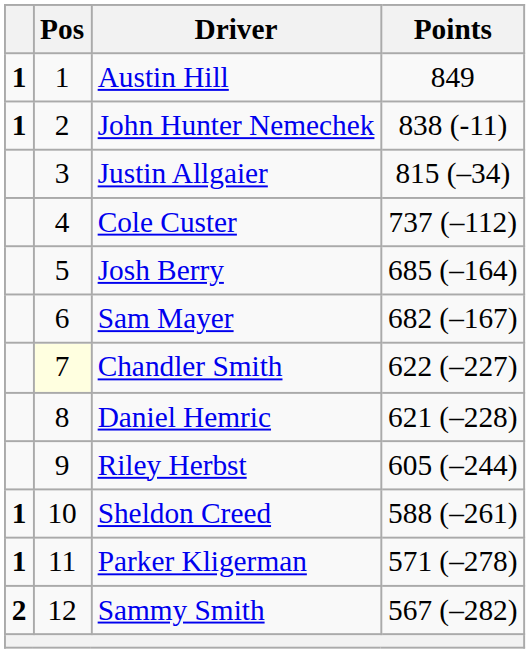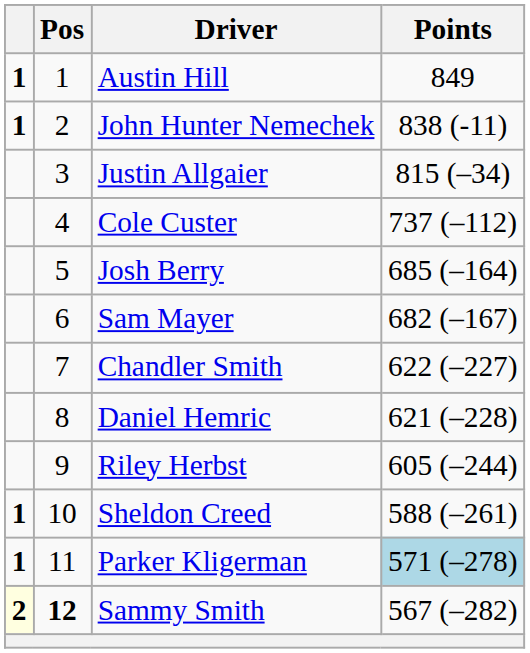 <table class="wikitable" style="font-size: 95%;">
 <tr>
 <th></th>
 <th>Pos</th>
 <th>Driver</th>
 <th>Points</th>
 </tr>
 <tr>
 <td align="left"> <strong>1</strong></td>
 <td style="text-align:center;">1</td>
 <td><a href='#'>Austin Hill</a></td>
 <td style="text-align:center;">849</td>
 </tr>
 <tr>
 <td align="left"> <strong>1</strong></td>
 <td style="text-align:center;">2</td>
 <td><a href='#'>John Hunter Nemechek</a></td>
 <td style="text-align:center;">838 (-11)</td>
 </tr>
 <tr>
 <td align="left"></td>
 <td style="text-align:center;">3</td>
 <td><a href='#'>Justin Allgaier</a></td>
 <td style="text-align:center;">815 (–34)</td>
 </tr>
 <tr>
 <td align="left"></td>
 <td style="text-align:center;">4</td>
 <td><a href='#'>Cole Custer</a></td>
 <td style="text-align:center;">737 (–112)</td>
 </tr>
 <tr>
 <td align="left"></td>
 <td style="text-align:center;">5</td>
 <td><a href='#'>Josh Berry</a></td>
 <td style="text-align:center;">685 (–164)</td>
 </tr>
 <tr>
 <td align="left"></td>
 <td style="text-align:center;">6</td>
 <td><a href='#'>Sam Mayer</a></td>
 <td style="text-align:center;">682 (–167)</td>
 </tr>
 <tr>
 <td align="left"></td>
-<td style="background: lightyellow; text-align:center;">7</td>
+<td style="text-align:center;">7</td>
 <td><a href='#'>Chandler Smith</a></td>
 <td style="text-align:center;">622 (–227)</td>
 </tr>
 <tr>
 <td align="left"></td>
 <td style="text-align:center;">8</td>
 <td><a href='#'>Daniel Hemric</a></td>
 <td style="text-align:center;">621 (–228)</td>
 </tr>
 <tr>
 <td align="left"></td>
 <td style="text-align:center;">9</td>
 <td><a href='#'>Riley Herbst</a></td>
 <td style="text-align:center;">605 (–244)</td>
 </tr>
 <tr>
 <td align="left"> <strong>1</strong></td>
 <td style="text-align:center;">10</td>
 <td><a href='#'>Sheldon Creed</a></td>
 <td style="text-align:center;">588 (–261)</td>
 </tr>
 <tr>
 <td align="left"> <strong>1</strong></td>
 <td style="text-align:center;">11</td>
 <td><a href='#'>Parker Kligerman</a></td>
-<td style="text-align:center;">571 (–278)</td>
+<td style="background: lightblue; text-align:center;">571 (–278)</td>
 </tr>
 <tr>
-<td align="left"> <strong>2</strong></td>
-<td style="text-align:center;">12</td>
+<td align="left" style="background: lightyellow;"> <strong>2</strong></td>
+<td style="text-align:center;"><strong>12</strong></td>
 <td><a href='#'>Sammy Smith</a></td>
 <td style="text-align:center;">567 (–282)</td>
 </tr>
 <tr class="sortbottom">
 <th colspan="9"></th>
 </tr>
 </table>
